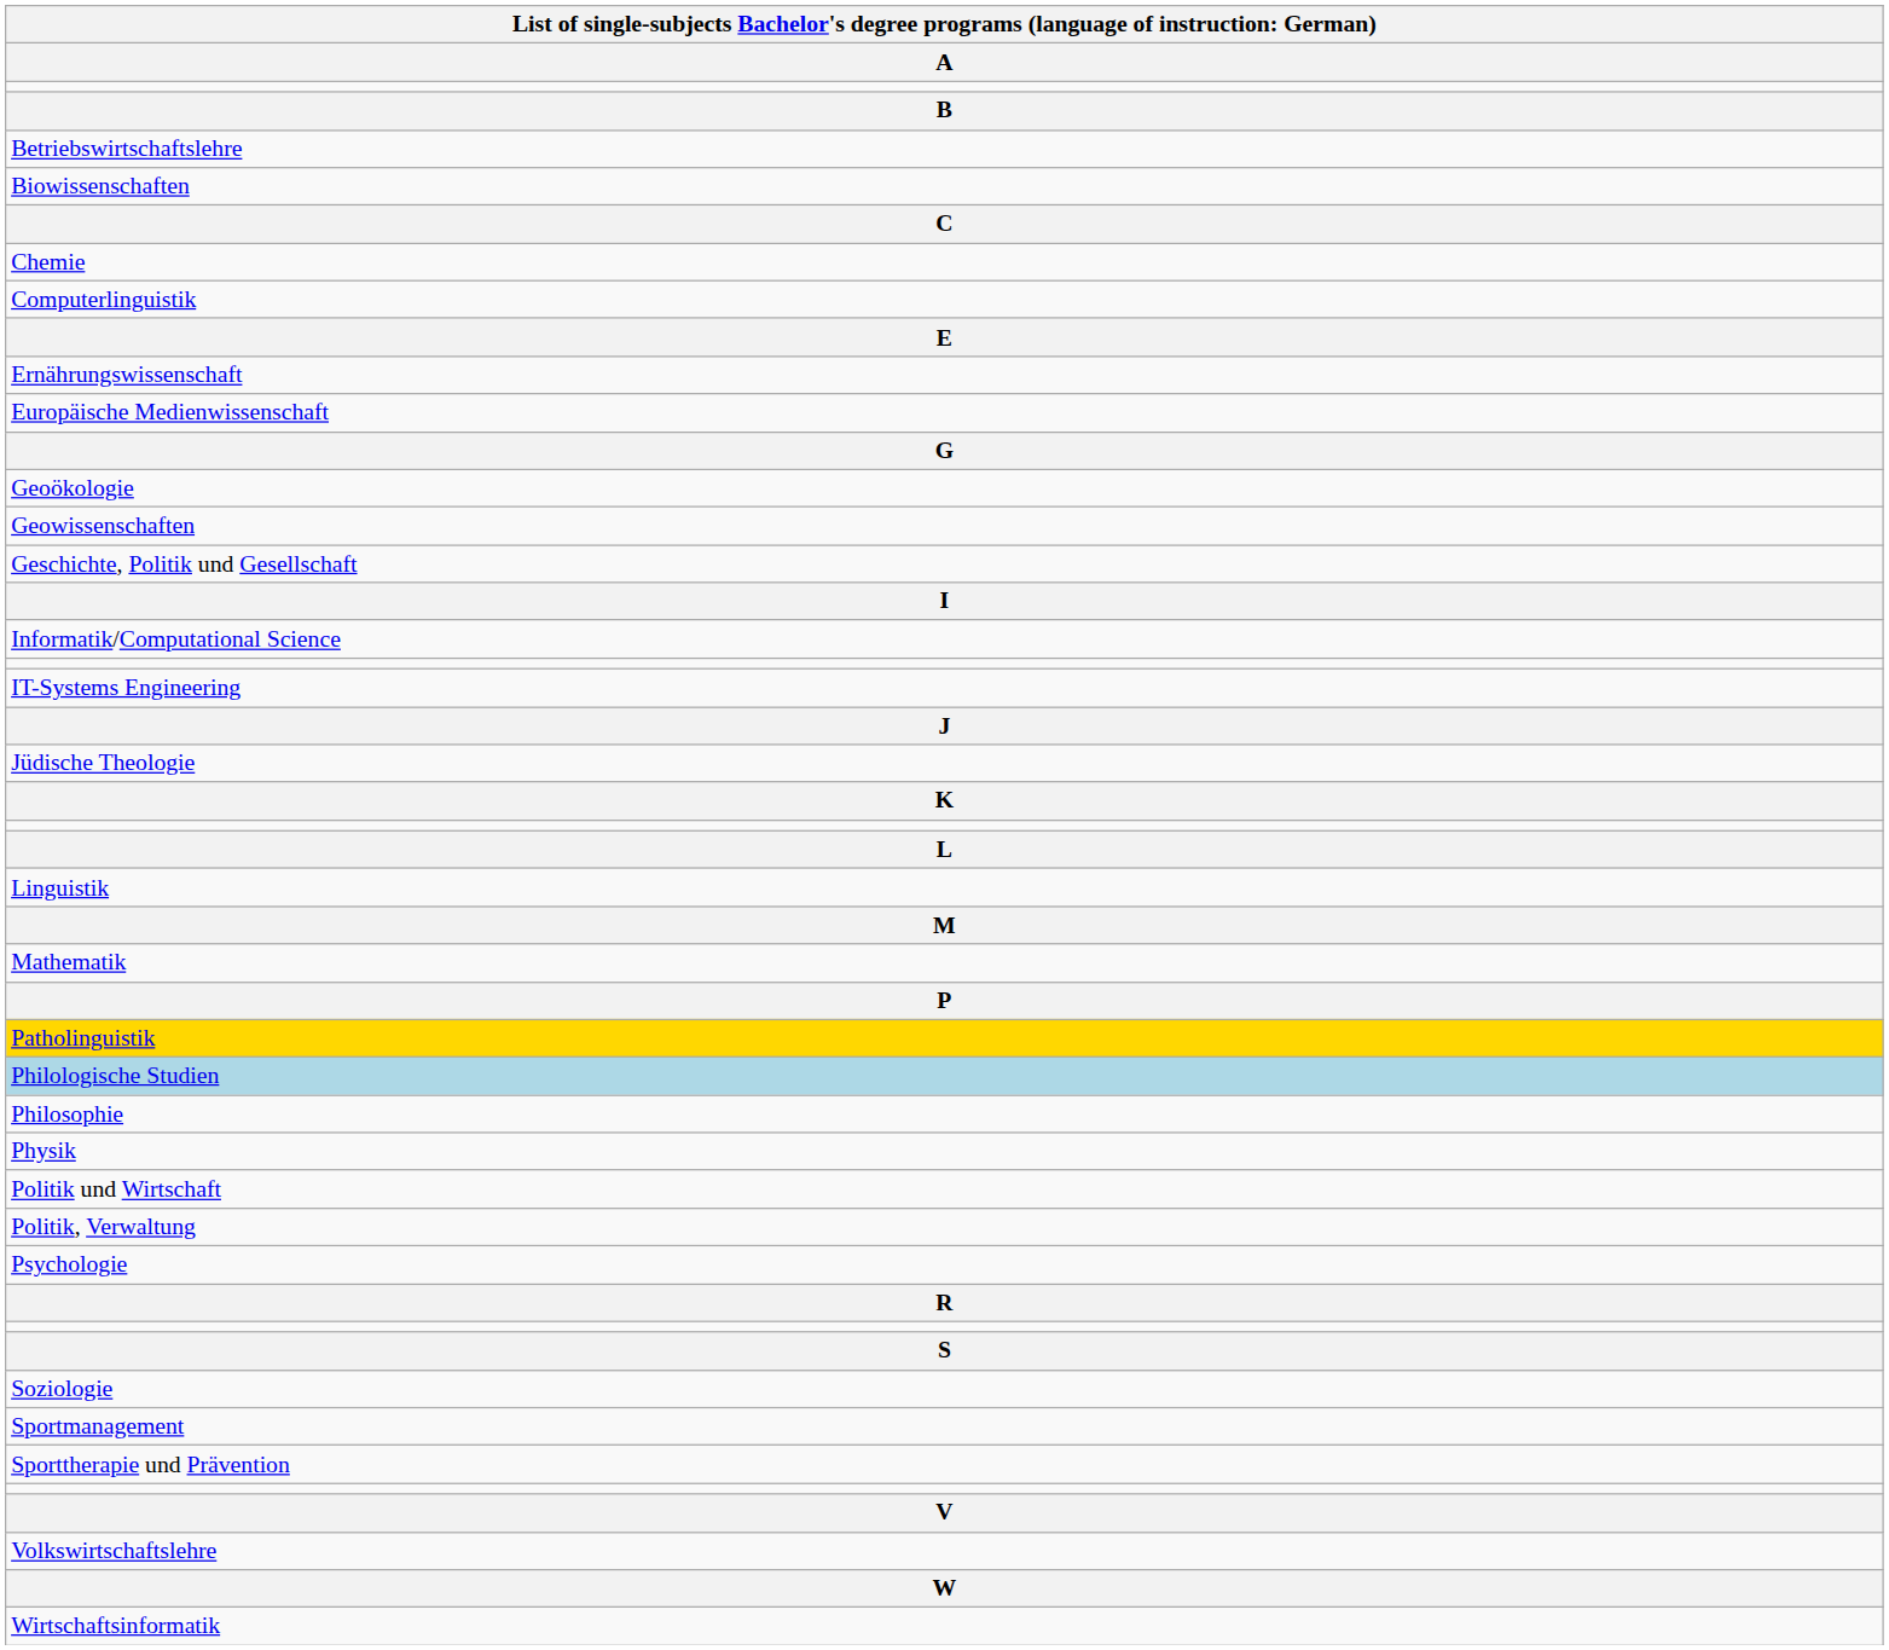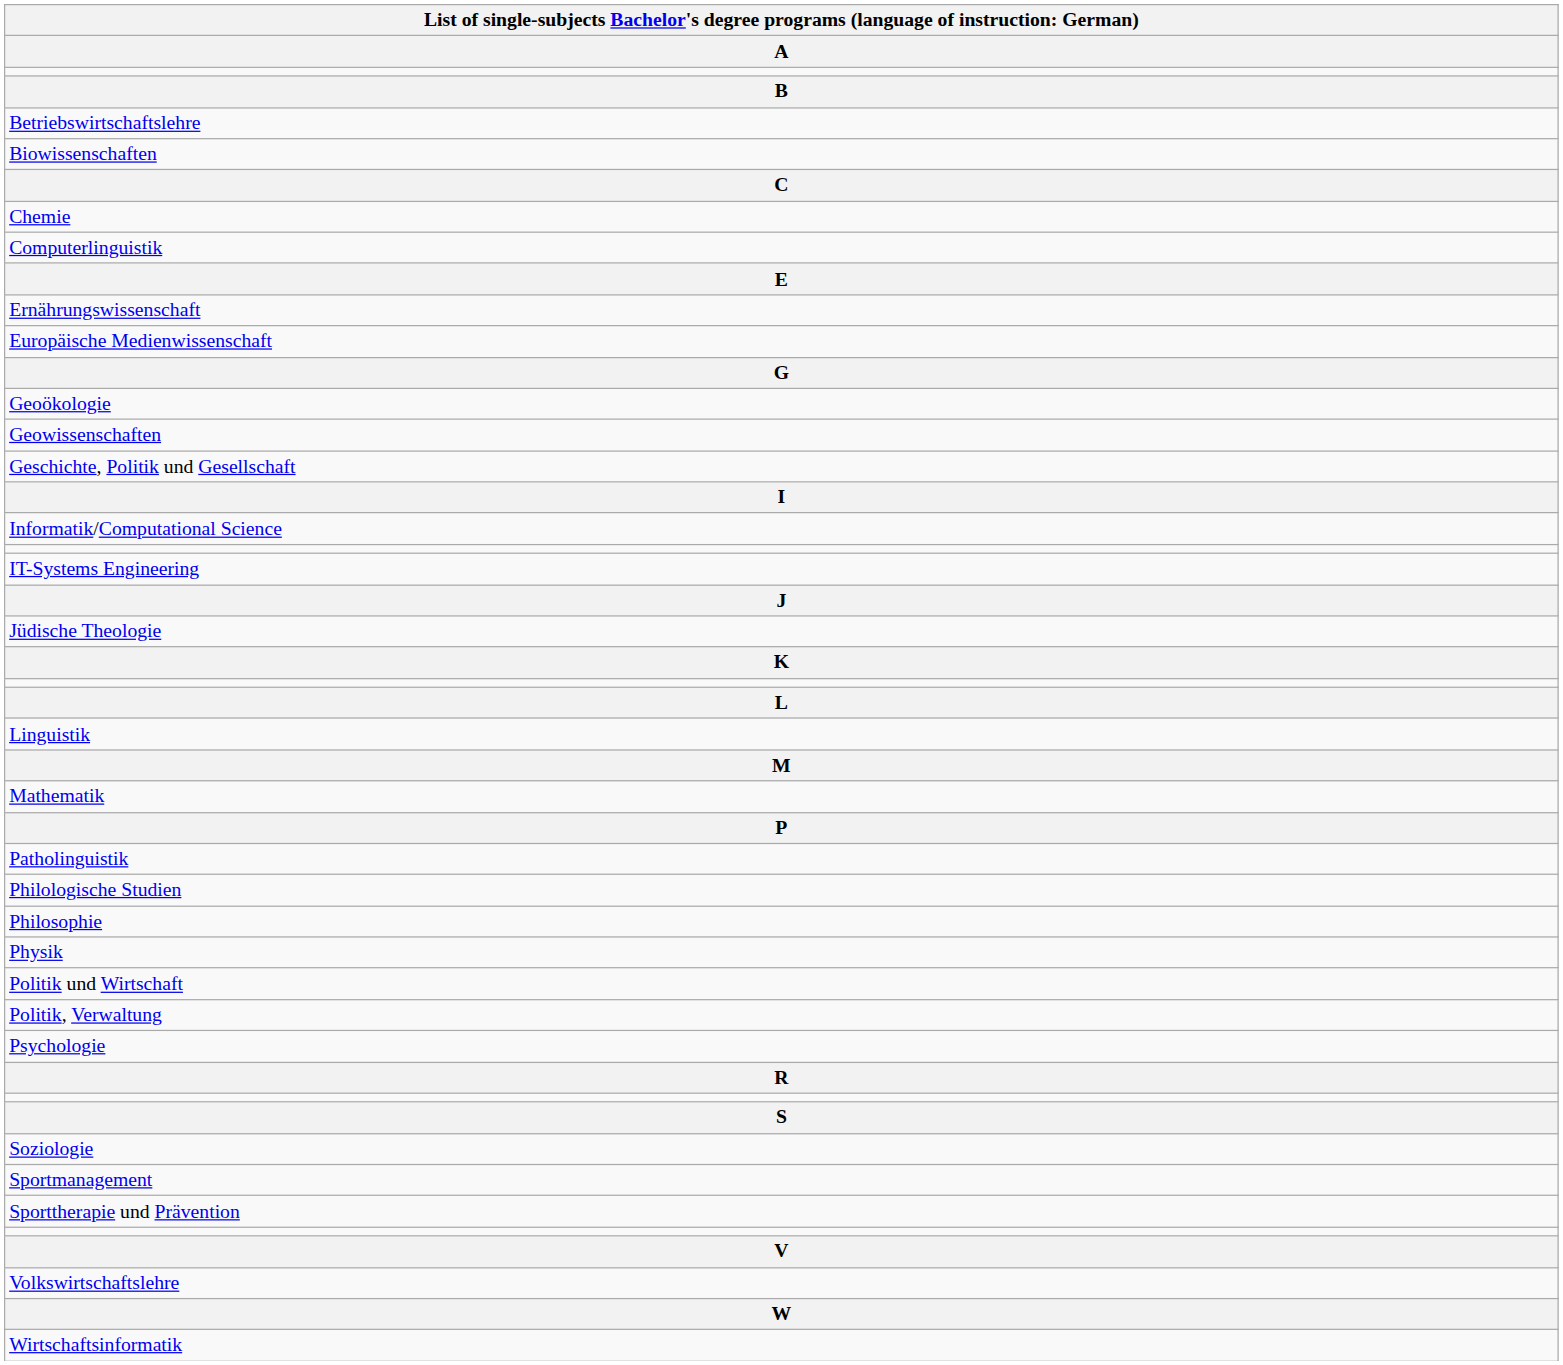 <table class="wikitable  mw-collapsible mw-collapsed" width="100%">
 <tr>
 <th>List of single-subjects <a href='#'>Bachelor</a>'s degree programs (language of instruction: German)</th>
 </tr>
 <tr>
 <th>A</th>
 </tr>
 <tr>
 <td></td>
 </tr>
 <tr>
 <th>B</th>
 </tr>
 <tr>
 <td><a href='#'>Betriebswirtschaftslehre</a></td>
 </tr>
 <tr>
 <td><a href='#'>Biowissenschaften</a></td>
 </tr>
 <tr>
 <th>C</th>
 </tr>
 <tr>
 <td><a href='#'>Chemie</a></td>
 </tr>
 <tr>
 <td><a href='#'>Computerlinguistik</a></td>
 </tr>
 <tr>
 <th>E</th>
 </tr>
 <tr>
 <td><a href='#'>Ernährungswissenschaft</a></td>
 </tr>
 <tr>
 <td><a href='#'>Europäische Medienwissenschaft</a></td>
 </tr>
 <tr>
 <th>G</th>
 </tr>
 <tr>
 <td><a href='#'>Geoökologie</a></td>
 </tr>
 <tr>
 <td><a href='#'>Geowissenschaften</a></td>
 </tr>
 <tr>
 <td><a href='#'>Geschichte</a>, <a href='#'>Politik</a> und <a href='#'>Gesellschaft</a></td>
 </tr>
 <tr>
 <th>I</th>
 </tr>
 <tr>
 <td><a href='#'>Informatik</a>/<a href='#'>Computational Science</a></td>
 </tr>
 <tr>
 <td></td>
 </tr>
 <tr>
 <td><a href='#'>IT-Systems Engineering</a></td>
 </tr>
 <tr>
 <th>J</th>
 </tr>
 <tr>
 <td><a href='#'>Jüdische Theologie</a></td>
 </tr>
 <tr>
 <th>K</th>
 </tr>
 <tr>
 <td></td>
 </tr>
 <tr>
 <th>L</th>
 </tr>
 <tr>
 <td><a href='#'>Linguistik</a></td>
 </tr>
 <tr>
 <th>M</th>
 </tr>
 <tr>
 <td><a href='#'>Mathematik</a></td>
 </tr>
 <tr>
 <th>P</th>
 </tr>
 <tr>
-<td style="background: gold;"><a href='#'>Patholinguistik</a></td>
+<td><a href='#'>Patholinguistik</a></td>
 </tr>
 <tr>
-<td style="background: lightblue;"><a href='#'>Philologische Studien</a></td>
+<td><a href='#'>Philologische Studien</a></td>
 </tr>
 <tr>
 <td><a href='#'>Philosophie</a></td>
 </tr>
 <tr>
 <td><a href='#'>Physik</a></td>
 </tr>
 <tr>
 <td><a href='#'>Politik</a> und <a href='#'>Wirtschaft</a></td>
 </tr>
 <tr>
 <td><a href='#'>Politik</a>, <a href='#'>Verwaltung</a></td>
 </tr>
 <tr>
 <td><a href='#'>Psychologie</a></td>
 </tr>
 <tr>
 <th>R</th>
 </tr>
 <tr>
 <td></td>
 </tr>
 <tr>
 <th>S</th>
 </tr>
 <tr>
 <td><a href='#'>Soziologie</a></td>
 </tr>
 <tr>
 <td><a href='#'>Sportmanagement</a></td>
 </tr>
 <tr>
 <td><a href='#'>Sporttherapie</a> und <a href='#'>Prävention</a></td>
 </tr>
 <tr>
 <td></td>
 </tr>
 <tr>
 <th>V</th>
 </tr>
 <tr>
 <td><a href='#'>Volkswirtschaftslehre</a></td>
 </tr>
 <tr>
 <th>W</th>
 </tr>
 <tr>
 <td><a href='#'>Wirtschaftsinformatik</a></td>
 </tr>
 </table>
